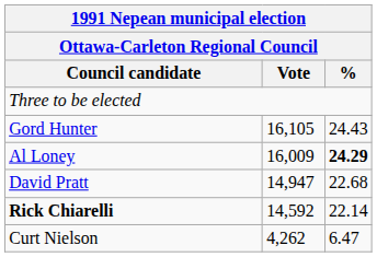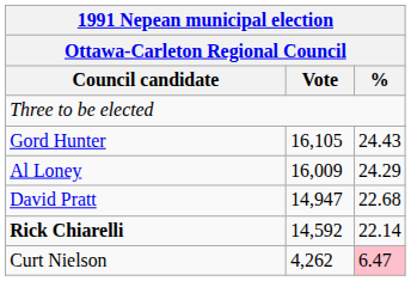 <table class="wikitable">
 <tr>
 <th colspan=3><a href='#'>1991 Nepean municipal election</a></th>
 </tr>
 <tr>
 <th colspan="3"><a href='#'>Ottawa-Carleton Regional Council</a></th>
 </tr>
 <tr>
 <th bgcolor="#DDDDFF" width="230px">Council candidate</th>
 <th bgcolor="#DDDDFF" width="50px">Vote</th>
 <th bgcolor="#DDDDFF" width="30px">%</th>
 </tr>
 <tr>
 <td colspan="3"><em>Three to be elected</em></td>
 </tr>
 <tr>
 <td><a href='#'>Gord Hunter</a></td>
 <td>16,105</td>
 <td>24.43</td>
 </tr>
 <tr>
 <td><a href='#'>Al Loney</a></td>
 <td>16,009</td>
-<td><strong>24.29</strong></td>
+<td>24.29</td>
 </tr>
 <tr>
 <td><a href='#'>David Pratt</a></td>
 <td>14,947</td>
 <td>22.68</td>
 </tr>
 <tr>
 <td><strong>Rick Chiarelli</strong></td>
 <td>14,592</td>
 <td>22.14</td>
 </tr>
 <tr>
 <td>Curt Nielson</td>
 <td>4,262</td>
-<td>6.47</td>
+<td style="background: pink;">6.47</td>
 </tr>
 </table>
